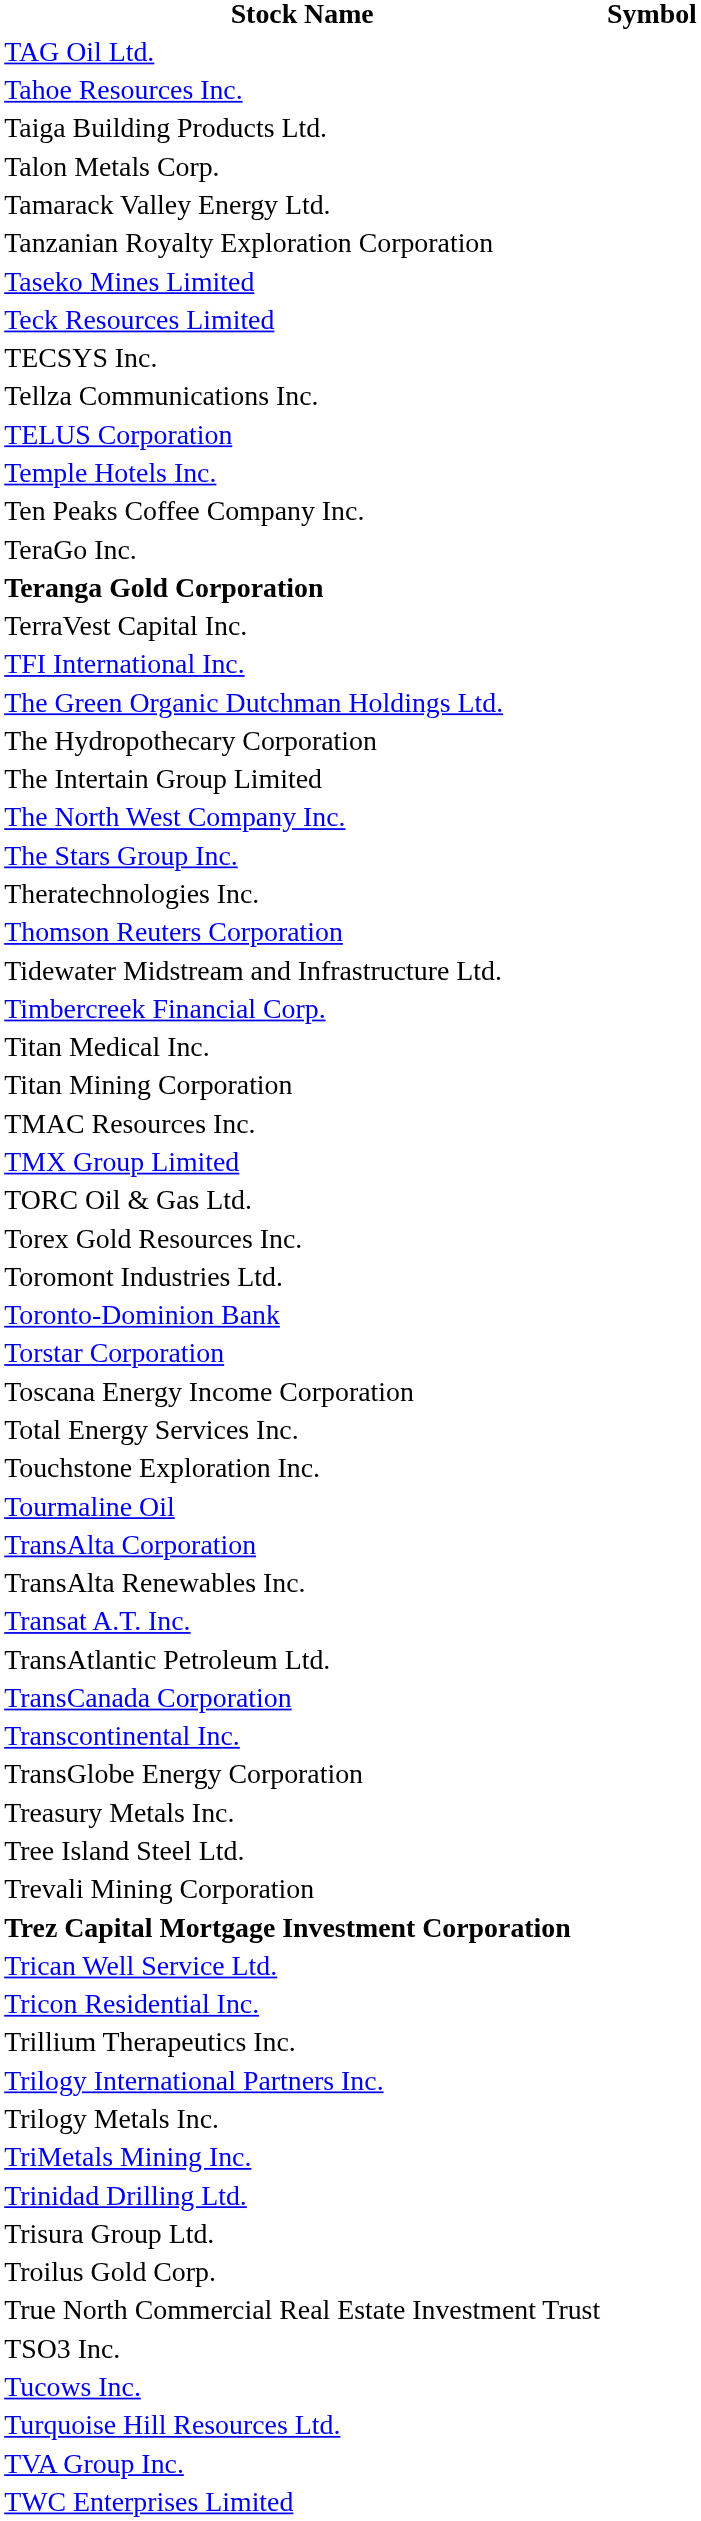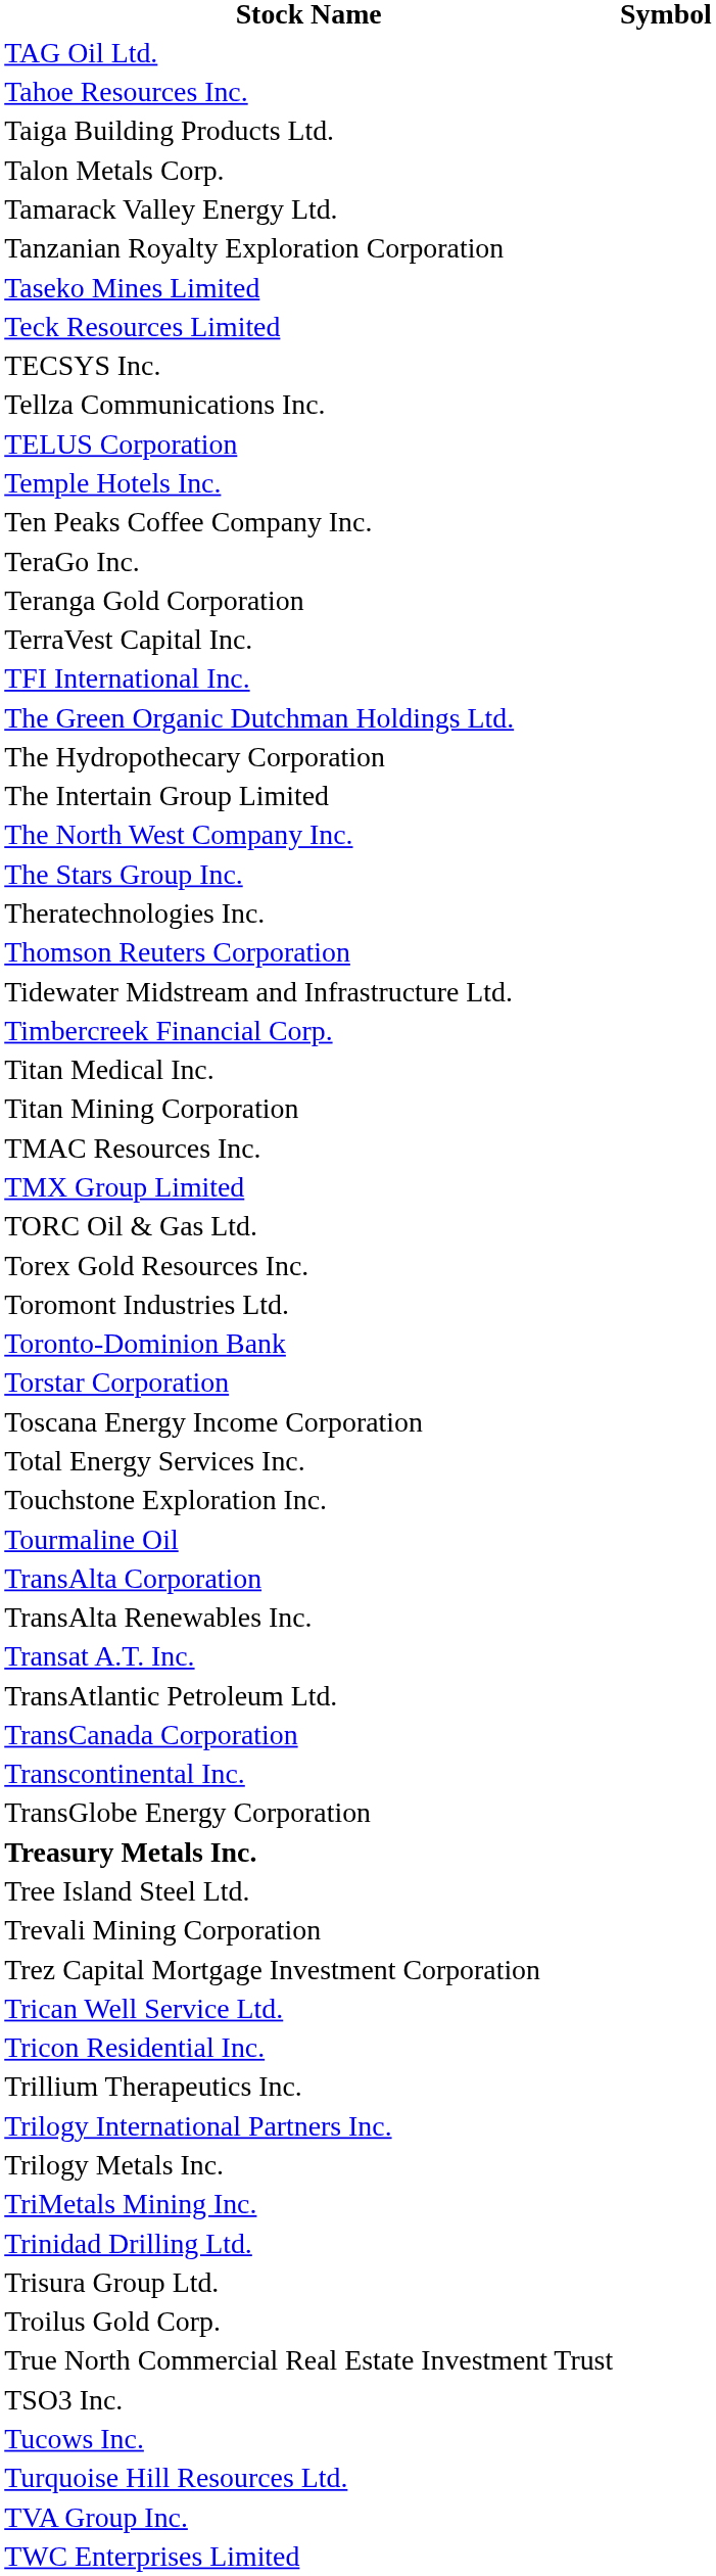 <table style="background:transparent;">
 <tr>
 <th>Stock Name</th>
 <th>Symbol</th>
 </tr>
 <tr --->
 <td><a href='#'>TAG Oil Ltd.</a></td>
 <td></td>
 </tr>
 <tr --->
 <td><a href='#'>Tahoe Resources Inc.</a></td>
 <td></td>
 </tr>
 <tr --->
 <td>Taiga Building Products Ltd.</td>
 <td></td>
 </tr>
 <tr --->
 <td>Talon Metals Corp.</td>
 <td></td>
 </tr>
 <tr>
 <td>Tamarack Valley Energy Ltd.</td>
 <td></td>
 </tr>
 <tr --->
 <td>Tanzanian Royalty Exploration Corporation</td>
 <td></td>
 </tr>
 <tr --->
 <td><a href='#'>Taseko Mines Limited</a></td>
 <td></td>
 </tr>
 <tr --->
 <td><a href='#'>Teck Resources Limited</a></td>
 <td></td>
 </tr>
 <tr --->
 <td>TECSYS Inc.</td>
 <td></td>
 </tr>
 <tr --->
 <td>Tellza Communications Inc.</td>
 <td></td>
 </tr>
 <tr --->
 <td><a href='#'>TELUS Corporation</a></td>
 <td></td>
 </tr>
 <tr --->
 <td><a href='#'>Temple Hotels Inc.</a></td>
 <td></td>
 </tr>
 <tr --->
 <td>Ten Peaks Coffee Company Inc.</td>
 <td></td>
 </tr>
 <tr --->
 <td>TeraGo Inc.</td>
 <td></td>
 </tr>
 <tr --->
-<td><strong>Teranga Gold Corporation</strong></td>
+<td>Teranga Gold Corporation</td>
 <td></td>
 </tr>
 <tr --->
 <td>TerraVest Capital Inc.</td>
 <td></td>
 </tr>
 <tr>
 <td><a href='#'>TFI International Inc.</a></td>
 <td></td>
 </tr>
 <tr>
 <td><a href='#'>The Green Organic Dutchman Holdings Ltd.</a></td>
 <td></td>
 </tr>
 <tr>
 <td>The Hydropothecary Corporation</td>
 <td></td>
 </tr>
 <tr --->
 <td>The Intertain Group Limited</td>
 <td></td>
 </tr>
 <tr --->
 <td><a href='#'>The North West Company Inc.</a></td>
 <td></td>
 </tr>
 <tr>
 <td><a href='#'>The Stars Group Inc.</a></td>
 <td></td>
 </tr>
 <tr --->
 <td>Theratechnologies Inc.</td>
 <td></td>
 </tr>
 <tr --->
 <td><a href='#'>Thomson Reuters Corporation</a></td>
 <td></td>
 </tr>
 <tr>
 <td>Tidewater Midstream and Infrastructure Ltd.</td>
 <td></td>
 </tr>
 <tr>
 <td><a href='#'>Timbercreek Financial Corp.</a></td>
 <td></td>
 </tr>
 <tr --->
 <td>Titan Medical Inc.</td>
 <td></td>
 </tr>
 <tr>
 <td>Titan Mining Corporation</td>
 <td></td>
 </tr>
 <tr>
 <td>TMAC Resources Inc.</td>
 <td></td>
 </tr>
 <tr --->
 <td><a href='#'>TMX Group Limited</a></td>
 <td></td>
 </tr>
 <tr --->
 <td>TORC Oil & Gas Ltd.</td>
 <td></td>
 </tr>
 <tr --->
 <td>Torex Gold Resources Inc.</td>
 <td></td>
 </tr>
 <tr --->
 <td>Toromont Industries Ltd.</td>
 <td></td>
 </tr>
 <tr --->
 <td><a href='#'>Toronto-Dominion Bank</a></td>
 <td></td>
 </tr>
 <tr --->
 <td><a href='#'>Torstar Corporation</a></td>
 <td></td>
 </tr>
 <tr --->
 <td>Toscana Energy Income Corporation</td>
 <td></td>
 </tr>
 <tr --->
 <td>Total Energy Services Inc.</td>
 <td></td>
 </tr>
 <tr --->
 <td>Touchstone Exploration Inc.</td>
 <td></td>
 </tr>
 <tr --->
 <td><a href='#'>Tourmaline Oil</a></td>
 <td></td>
 </tr>
 <tr --->
 <td><a href='#'>TransAlta Corporation</a></td>
 <td></td>
 </tr>
 <tr --->
 <td>TransAlta Renewables Inc.</td>
 <td></td>
 </tr>
 <tr --->
 <td><a href='#'>Transat A.T. Inc.</a></td>
 <td></td>
 </tr>
 <tr --->
 <td>TransAtlantic Petroleum Ltd.</td>
 <td></td>
 </tr>
 <tr --->
 <td><a href='#'>TransCanada Corporation</a></td>
 <td></td>
 </tr>
 <tr --->
 <td><a href='#'>Transcontinental Inc.</a></td>
 <td></td>
 </tr>
 <tr --->
 <td>TransGlobe Energy Corporation</td>
 <td></td>
 </tr>
 <tr --->
-<td>Treasury Metals Inc.</td>
+<td><strong>Treasury Metals Inc.</strong></td>
 <td></td>
 </tr>
 <tr --->
 <td>Tree Island Steel Ltd.</td>
 <td></td>
 </tr>
 <tr --->
 <td>Trevali Mining Corporation</td>
 <td></td>
 </tr>
 <tr --->
-<td><strong>Trez Capital Mortgage Investment Corporation</strong></td>
+<td>Trez Capital Mortgage Investment Corporation</td>
 <td></td>
 </tr>
 <tr --->
 <td><a href='#'>Trican Well Service Ltd.</a></td>
 <td></td>
 </tr>
 <tr --->
 <td><a href='#'>Tricon Residential Inc.</a></td>
 <td></td>
 </tr>
 <tr --->
 <td>Trillium Therapeutics Inc.</td>
 <td></td>
 </tr>
 <tr>
 <td><a href='#'>Trilogy International Partners Inc.</a></td>
 <td></td>
 </tr>
 <tr --->
 <td>Trilogy Metals Inc.</td>
 <td></td>
 </tr>
 <tr --->
 <td><a href='#'>TriMetals Mining Inc.</a></td>
 <td></td>
 </tr>
 <tr --->
 <td><a href='#'>Trinidad Drilling Ltd.</a></td>
 <td></td>
 </tr>
 <tr>
 <td>Trisura Group Ltd.</td>
 <td></td>
 </tr>
 <tr>
 <td>Troilus Gold Corp.</td>
 <td></td>
 </tr>
 <tr --->
 <td>True North Commercial Real Estate Investment Trust</td>
 <td></td>
 </tr>
 <tr --->
 <td>TSO3 Inc.</td>
 <td></td>
 </tr>
 <tr --->
 <td><a href='#'>Tucows Inc.</a></td>
 <td></td>
 </tr>
 <tr --->
 <td><a href='#'>Turquoise Hill Resources Ltd.</a></td>
 <td></td>
 </tr>
 <tr --->
 <td><a href='#'>TVA Group Inc.</a></td>
 <td></td>
 </tr>
 <tr --->
 <td><a href='#'>TWC Enterprises Limited</a></td>
 <td></td>
 </tr>
 <tr --->
 </tr>
 </table>
